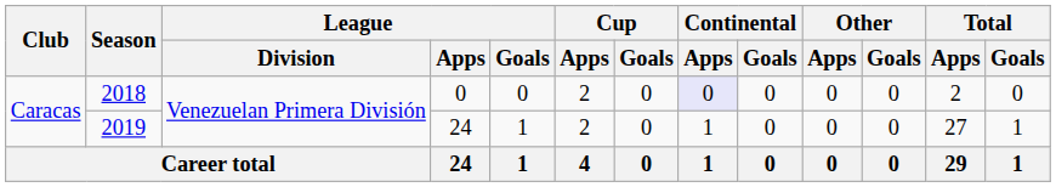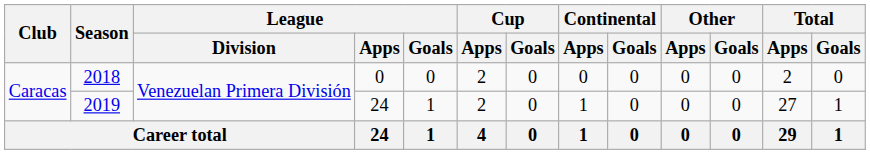 <table class="wikitable" style="text-align: center">
 <tr>
 <th rowspan="2">Club</th>
 <th rowspan="2">Season</th>
 <th colspan="3">League</th>
 <th colspan="2">Cup</th>
 <th colspan="2">Continental</th>
 <th colspan="2">Other</th>
 <th colspan="2">Total</th>
 </tr>
 <tr>
 <th>Division</th>
 <th>Apps</th>
 <th>Goals</th>
 <th>Apps</th>
 <th>Goals</th>
 <th>Apps</th>
 <th>Goals</th>
 <th>Apps</th>
 <th>Goals</th>
 <th>Apps</th>
 <th>Goals</th>
 </tr>
 <tr>
 <td rowspan="2"><a href='#'>Caracas</a></td>
 <td><a href='#'>2018</a></td>
 <td rowspan="2"><a href='#'>Venezuelan Primera División</a></td>
 <td>0</td>
 <td>0</td>
 <td>2</td>
 <td>0</td>
-<td style="background: lavender;">0</td>
+<td>0</td>
 <td>0</td>
 <td>0</td>
 <td>0</td>
 <td>2</td>
 <td>0</td>
 </tr>
 <tr>
 <td><a href='#'>2019</a></td>
 <td>24</td>
 <td>1</td>
 <td>2</td>
 <td>0</td>
 <td>1</td>
 <td>0</td>
 <td>0</td>
 <td>0</td>
 <td>27</td>
 <td>1</td>
 </tr>
 <tr>
 <th colspan="3"><strong>Career total</strong></th>
 <th>24</th>
 <th>1</th>
 <th>4</th>
 <th>0</th>
 <th>1</th>
 <th>0</th>
 <th>0</th>
 <th>0</th>
 <th>29</th>
 <th>1</th>
 </tr>
 </table>
